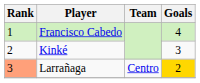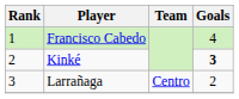 <table class="wikitable">
 <tr>
 <th>Rank</th>
 <th>Player</th>
 <th>Team</th>
 <th>Goals</th>
 </tr>
 <tr bgcolor="D0F0C0">
 <td>1</td>
 <td><a href='#'>Francisco Cabedo</a></td>
 <td rowspan=2></td>
 <td align="center">4</td>
 </tr>
 <tr>
 <td>2</td>
 <td><a href='#'>Kinké</a></td>
-<td align="center">3</td>
+<td align="center"><strong>3</strong></td>
 </tr>
 <tr>
-<td style="background: lightsalmon;">3</td>
+<td>3</td>
 <td>Larrañaga</td>
 <td> <a href='#'>Centro</a></td>
-<td align="center" style="background: gold;">2</td>
+<td align="center">2</td>
 </tr>
 <tr>
 </tr>
 </table>
